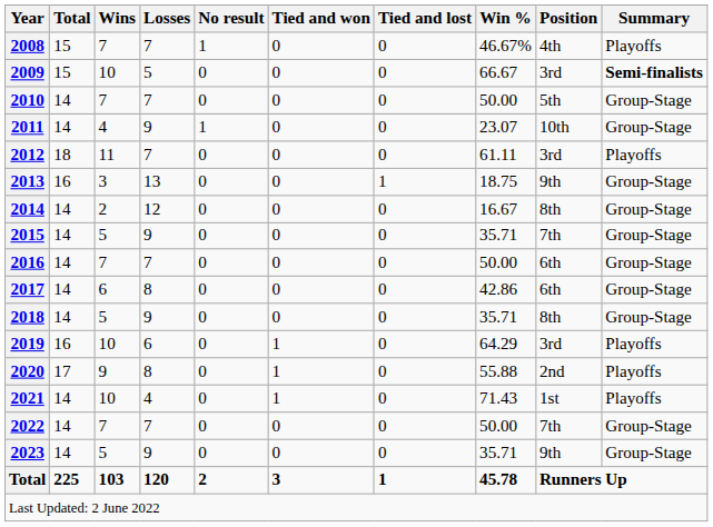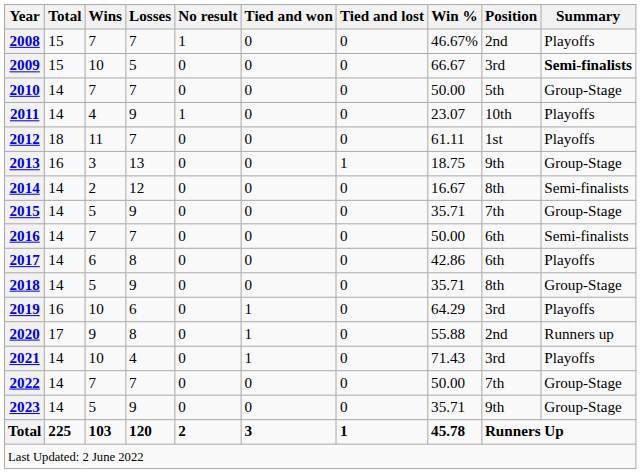 <table class="wikitable" style="text-align:left;font-size:93%;">
 <tr>
 <th>Year</th>
 <th>Total</th>
 <th>Wins</th>
 <th>Losses</th>
 <th>No result</th>
 <th>Tied and won</th>
 <th>Tied and lost</th>
 <th>Win %</th>
 <th>Position</th>
 <th>Summary</th>
 </tr>
 <tr>
 <th><a href='#'>2008</a></th>
 <td>15</td>
 <td>7</td>
 <td>7</td>
 <td>1</td>
 <td>0</td>
 <td>0</td>
 <td>46.67%</td>
-<td>4th</td>
+<td>2nd</td>
 <td>Playoffs</td>
 </tr>
 <tr>
 <th><a href='#'>2009</a></th>
 <td>15</td>
 <td>10</td>
 <td>5</td>
 <td>0</td>
 <td>0</td>
 <td>0</td>
 <td>66.67</td>
 <td>3rd</td>
 <td><strong>Semi-finalists</strong></td>
 </tr>
 <tr>
 <th><a href='#'>2010</a></th>
 <td>14</td>
 <td>7</td>
 <td>7</td>
 <td>0</td>
 <td>0</td>
 <td>0</td>
 <td>50.00</td>
 <td>5th</td>
 <td>Group-Stage</td>
 </tr>
 <tr>
 <th><a href='#'>2011</a></th>
 <td>14</td>
 <td>4</td>
 <td>9</td>
 <td>1</td>
 <td>0</td>
 <td>0</td>
 <td>23.07</td>
 <td>10th</td>
-<td>Group-Stage</td>
+<td>Playoffs</td>
 </tr>
 <tr>
 <th><a href='#'>2012</a></th>
 <td>18</td>
 <td>11</td>
 <td>7</td>
 <td>0</td>
 <td>0</td>
 <td>0</td>
 <td>61.11</td>
-<td>3rd</td>
+<td>1st</td>
 <td>Playoffs</td>
 </tr>
 <tr>
 <th><a href='#'>2013</a></th>
 <td>16</td>
 <td>3</td>
 <td>13</td>
 <td>0</td>
 <td>0</td>
 <td>1</td>
 <td>18.75</td>
 <td>9th</td>
 <td>Group-Stage</td>
 </tr>
 <tr>
 <th><a href='#'>2014</a></th>
 <td>14</td>
 <td>2</td>
 <td>12</td>
 <td>0</td>
 <td>0</td>
 <td>0</td>
 <td>16.67</td>
 <td>8th</td>
-<td>Group-Stage</td>
+<td>Semi-finalists</td>
 </tr>
 <tr>
 <th><a href='#'>2015</a></th>
 <td>14</td>
 <td>5</td>
 <td>9</td>
 <td>0</td>
 <td>0</td>
 <td>0</td>
 <td>35.71</td>
 <td>7th</td>
 <td>Group-Stage</td>
 </tr>
 <tr>
 <th><a href='#'>2016</a></th>
 <td>14</td>
 <td>7</td>
 <td>7</td>
 <td>0</td>
 <td>0</td>
 <td>0</td>
 <td>50.00</td>
 <td>6th</td>
-<td>Group-Stage</td>
+<td>Semi-finalists</td>
 </tr>
 <tr>
 <th><a href='#'>2017</a></th>
 <td>14</td>
 <td>6</td>
 <td>8</td>
 <td>0</td>
 <td>0</td>
 <td>0</td>
 <td>42.86</td>
 <td>6th</td>
-<td>Group-Stage</td>
+<td>Playoffs</td>
 </tr>
 <tr>
 <th><a href='#'>2018</a></th>
 <td>14</td>
 <td>5</td>
 <td>9</td>
 <td>0</td>
 <td>0</td>
 <td>0</td>
 <td>35.71</td>
 <td>8th</td>
 <td>Group-Stage</td>
 </tr>
 <tr>
 <th><a href='#'>2019</a></th>
 <td>16</td>
 <td>10</td>
 <td>6</td>
 <td>0</td>
 <td>1</td>
 <td>0</td>
 <td>64.29</td>
 <td>3rd</td>
 <td>Playoffs</td>
 </tr>
 <tr>
 <th><a href='#'>2020</a></th>
 <td>17</td>
 <td>9</td>
 <td>8</td>
 <td>0</td>
 <td>1</td>
 <td>0</td>
 <td>55.88</td>
 <td>2nd</td>
-<td>Playoffs</td>
+<td>Runners up</td>
 </tr>
 <tr>
 <th><a href='#'>2021</a></th>
 <td>14</td>
 <td>10</td>
 <td>4</td>
 <td>0</td>
 <td>1</td>
 <td>0</td>
 <td>71.43</td>
-<td>1st</td>
+<td>3rd</td>
 <td>Playoffs</td>
 </tr>
 <tr>
 <th><a href='#'>2022</a></th>
 <td>14</td>
 <td>7</td>
 <td>7</td>
 <td>0</td>
 <td>0</td>
 <td>0</td>
 <td>50.00</td>
 <td>7th</td>
 <td>Group-Stage</td>
 </tr>
 <tr>
 <th><a href='#'>2023</a></th>
 <td>14</td>
 <td>5</td>
 <td>9</td>
 <td>0</td>
 <td>0</td>
 <td>0</td>
 <td>35.71</td>
 <td>9th</td>
 <td>Group-Stage</td>
 </tr>
 <tr class=sortbottom>
 <th>Total</th>
 <td><strong>225</strong></td>
 <td><strong>103</strong></td>
 <td><strong>120</strong></td>
 <td><strong>2</strong></td>
 <td><strong>3</strong></td>
 <td><strong>1</strong></td>
 <td><strong>45.78</strong></td>
 <td colspan=2><strong>Runners Up</strong></td>
 </tr>
 <tr>
 <td colspan=10><small>Last Updated: 2 June 2022</small></td>
 </tr>
 </table>
